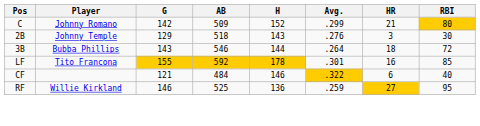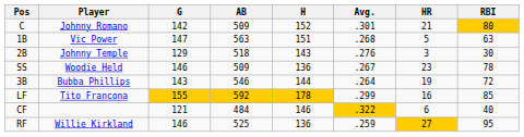 <table class="wikitable sortable">
 <tr>
 <th bgcolor="#DDDDFF" width="5%">Pos</th>
 <th bgcolor="#DDDDFF" width="16%">Player</th>
 <th bgcolor="#DDDDFF" width="9%">G</th>
 <th bgcolor="#DDDDFF" width="9%">AB</th>
 <th bgcolor="#DDDDFF" width="9%">H</th>
 <th bgcolor="#DDDDFF" width="9%">Avg.</th>
 <th bgcolor="#DDDDFF" width="9%">HR</th>
 <th bgcolor="#DDDDFF" width="9%">RBI</th>
 </tr>
 <tr align="center">
 <td>C</td>
 <td><a href='#'>Johnny Romano</a></td>
 <td>142</td>
 <td>509</td>
 <td>152</td>
-<td>.299</td>
+<td>.301</td>
 <td>21</td>
 <td style="background:#fc0;">80</td>
+</tr>
+<tr align="center">
+<td>1B</td>
+<td><a href='#'>Vic Power</a></td>
+<td>147</td>
+<td>563</td>
+<td>151</td>
+<td>.268</td>
+<td>5</td>
+<td>63</td>
 </tr>
 <tr align="center">
 <td>2B</td>
 <td><a href='#'>Johnny Temple</a></td>
 <td>129</td>
 <td>518</td>
 <td>143</td>
 <td>.276</td>
 <td>3</td>
 <td>30</td>
 </tr>
 <tr align="center">
+<td>SS</td>
+<td><a href='#'>Woodie Held</a></td>
+<td>146</td>
+<td>509</td>
+<td>136</td>
+<td>.267</td>
+<td>23</td>
+<td>78</td>
+</tr>
+<tr align="center">
 <td>3B</td>
 <td><a href='#'>Bubba Phillips</a></td>
 <td>143</td>
 <td>546</td>
 <td>144</td>
 <td>.264</td>
-<td>18</td>
+<td>19</td>
 <td>72</td>
 </tr>
 <tr align="center">
 <td>LF</td>
 <td><a href='#'>Tito Francona</a></td>
 <td style="background:#fc0;">155</td>
 <td style="background:#fc0;">592</td>
 <td style="background:#fc0;">178</td>
-<td>.301</td>
+<td>.299</td>
 <td>16</td>
 <td>85</td>
 </tr>
 <tr align="center">
 <td>CF</td>
 <td></td>
 <td>121</td>
 <td>484</td>
 <td>146</td>
 <td style="background:#fc0;">.322</td>
 <td>6</td>
 <td>40</td>
 </tr>
 <tr align="center">
 <td>RF</td>
 <td><a href='#'>Willie Kirkland</a></td>
 <td>146</td>
 <td>525</td>
 <td>136</td>
 <td>.259</td>
 <td style="background:#fc0;">27</td>
 <td>95</td>
 </tr>
 </table>
